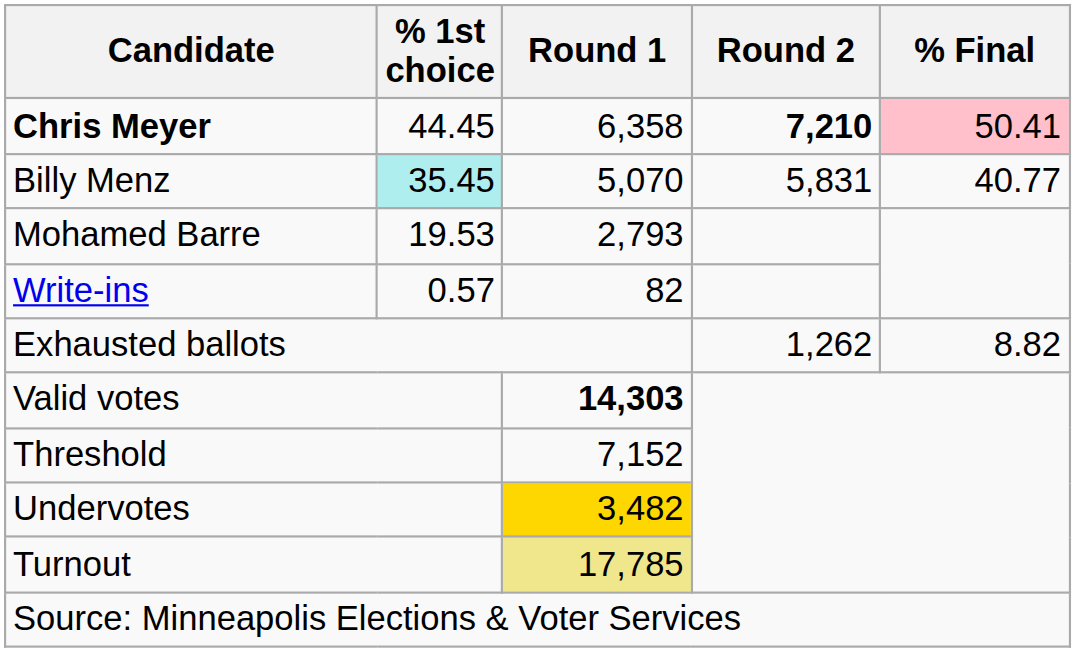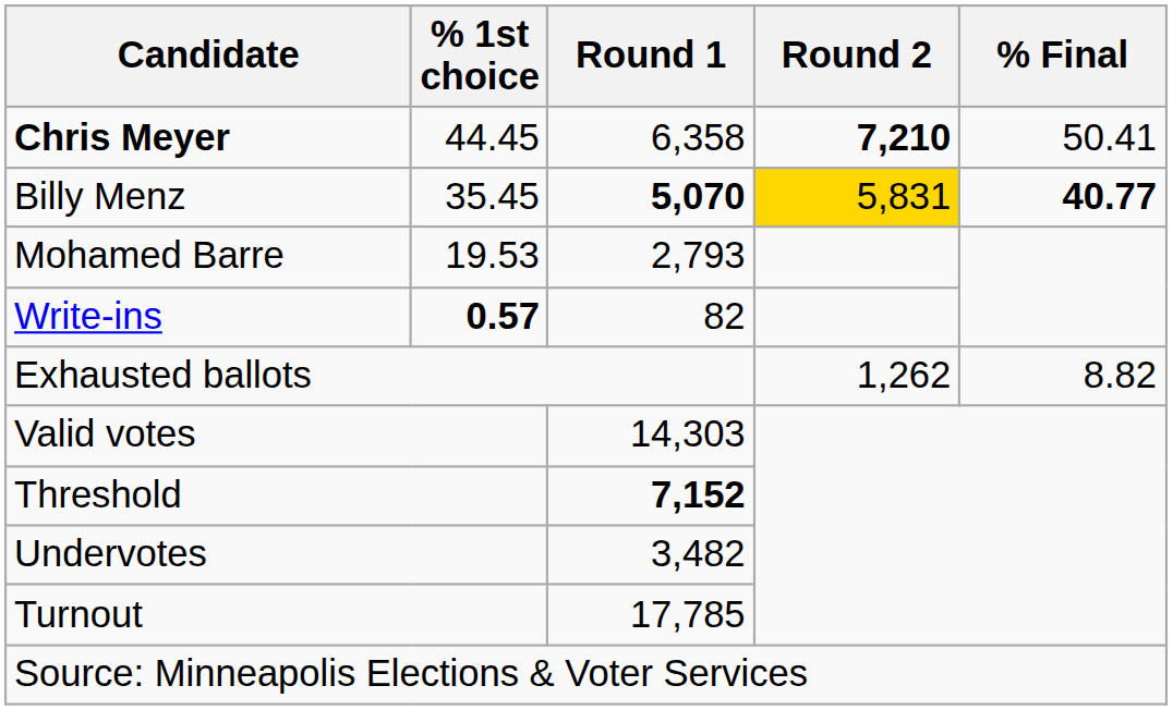 <table class="wikitable">
 <tr>
 <th style="width:165px">Candidate</th>
 <th>% 1st<br>choice</th>
 <th style="width:80px">Round 1</th>
 <th style="width:80px">Round 2</th>
 <th style="width:80px">% Final</th>
 </tr>
 <tr>
 <td><strong>Chris Meyer</strong></td>
 <td align="right">44.45</td>
 <td align="right">6,358</td>
 <td align="right"><strong>7,210</strong></td>
-<td align="right" style="background: pink;">50.41</td>
+<td align="right">50.41</td>
 </tr>
 <tr>
 <td>Billy Menz</td>
-<td align="right" style="background: paleturquoise;">35.45</td>
-<td align="right">5,070</td>
-<td align="right">5,831</td>
-<td align="right">40.77</td>
+<td align="right">35.45</td>
+<td align="right"><strong>5,070</strong></td>
+<td align="right" style="background: gold;">5,831</td>
+<td align="right"><strong>40.77</strong></td>
 </tr>
 <tr>
 <td>Mohamed Barre</td>
 <td align="right">19.53</td>
 <td align="right">2,793</td>
 <td></td>
 <td rowspan="2"></td>
 </tr>
 <tr>
 <td><a href='#'>Write-ins</a></td>
-<td align="right">0.57</td>
+<td align="right"><strong>0.57</strong></td>
 <td align="right">82</td>
 <td></td>
 </tr>
 <tr>
 <td colspan="3">Exhausted ballots</td>
 <td align="right">1,262</td>
 <td align="right">8.82</td>
 </tr>
 <tr>
 <td colspan="2">Valid votes</td>
-<td align="right"><strong>14,303</strong></td>
+<td align="right">14,303</td>
 <td colspan="2" rowspan="4"></td>
 </tr>
 <tr>
 <td colspan="2">Threshold</td>
-<td align="right">7,152</td>
+<td align="right"><strong>7,152</strong></td>
 </tr>
 <tr>
 <td colspan="2">Undervotes</td>
-<td align="right" style="background: gold;">3,482</td>
+<td align="right">3,482</td>
 </tr>
 <tr>
 <td colspan="2">Turnout</td>
-<td align="right" style="background: khaki;">17,785</td>
+<td align="right">17,785</td>
 </tr>
 <tr>
 <td colspan="5">Source: Minneapolis Elections & Voter Services</td>
 </tr>
 </table>
